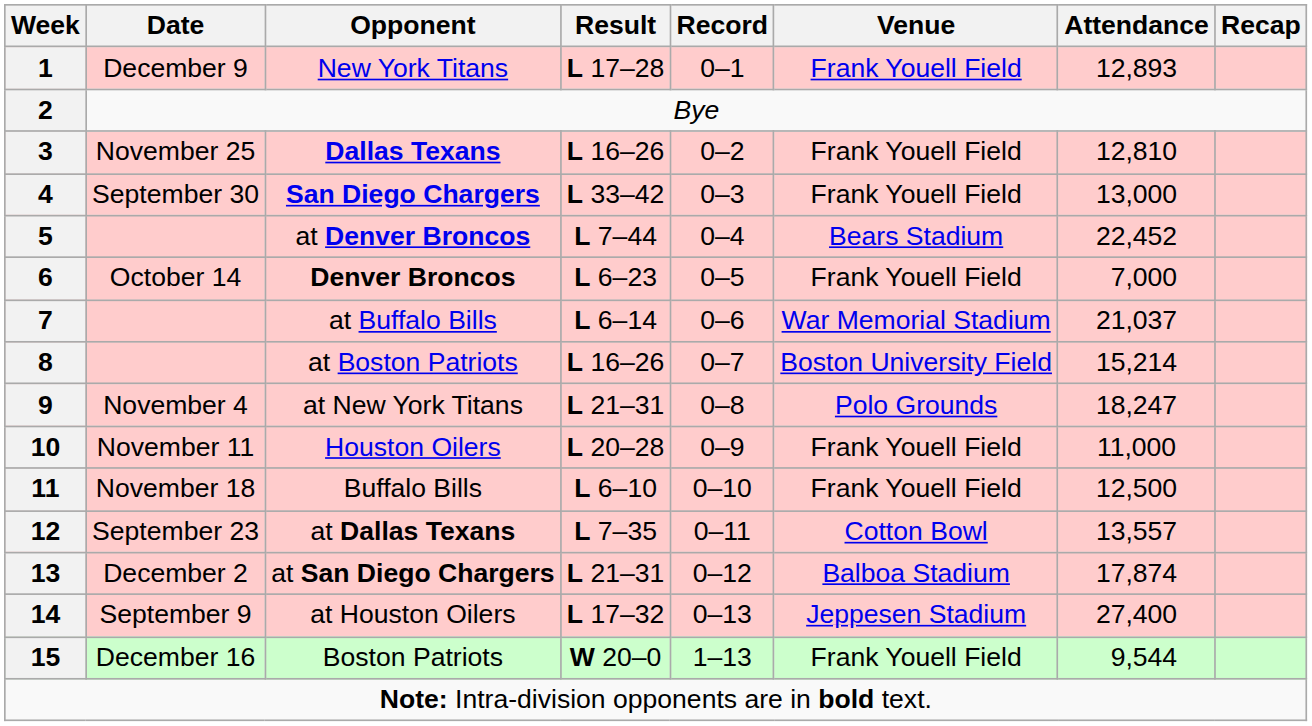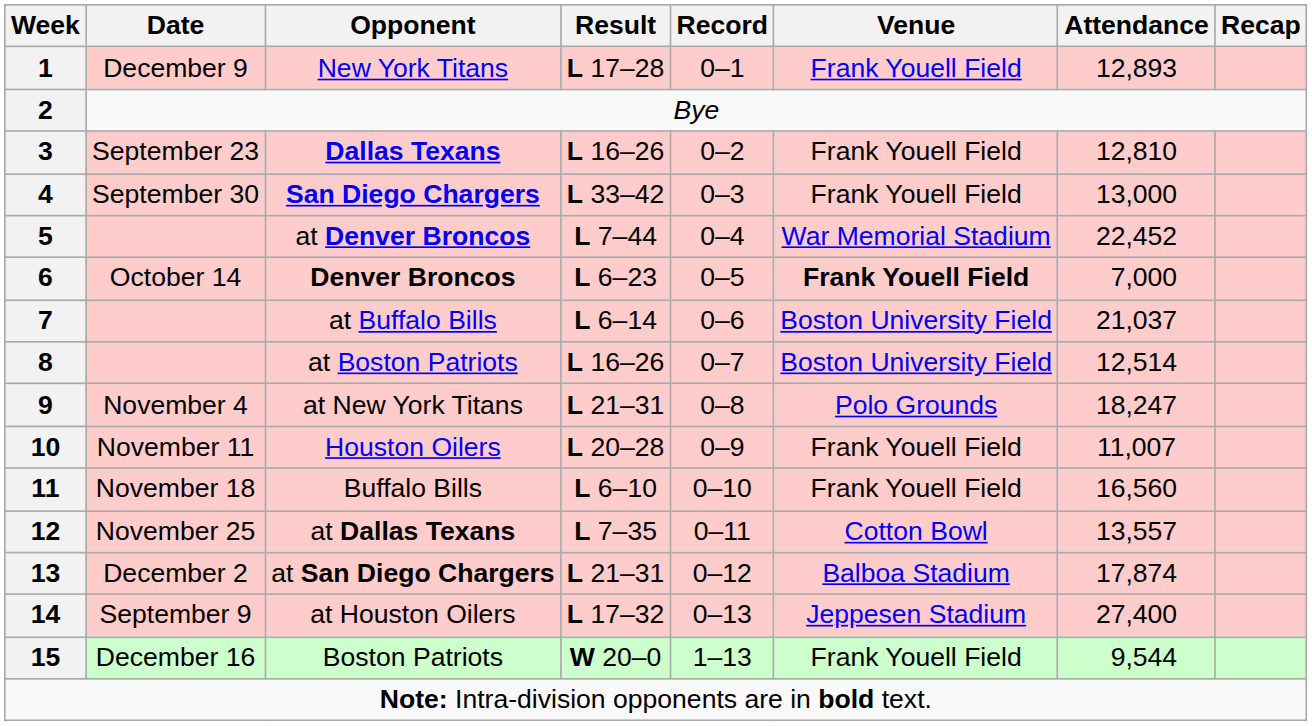 <table class="wikitable" style="text-align:center">
 <tr>
 <th>Week</th>
 <th>Date</th>
 <th>Opponent</th>
 <th>Result</th>
 <th>Record</th>
 <th>Venue</th>
 <th>Attendance</th>
 <th>Recap</th>
 </tr>
 <tr style="background: #fcc;">
 <th>1</th>
 <td>December 9</td>
 <td><a href='#'>New York Titans</a></td>
 <td><strong>L</strong> 17–28</td>
 <td>0–1</td>
 <td><a href='#'>Frank Youell Field</a></td>
 <td>12,893</td>
 <td></td>
 </tr>
 <tr>
 <th>2</th>
 <td align=center colspan=7><em>Bye</em></td>
 </tr>
 <tr style="background: #fcc;">
 <th>3</th>
-<td>November 25</td>
+<td>September 23</td>
 <td><strong><a href='#'>Dallas Texans</a></strong></td>
 <td><strong>L</strong> 16–26</td>
 <td>0–2</td>
 <td>Frank Youell Field</td>
 <td>12,810</td>
 <td></td>
 </tr>
 <tr style="background: #fcc;">
 <th>4</th>
 <td>September 30</td>
 <td><strong><a href='#'>San Diego Chargers</a></strong></td>
 <td><strong>L</strong> 33–42</td>
 <td>0–3</td>
 <td>Frank Youell Field</td>
 <td>13,000</td>
 <td></td>
 </tr>
 <tr style="background: #fcc;">
 <th>5</th>
 <td></td>
 <td>at <strong><a href='#'>Denver Broncos</a></strong></td>
 <td><strong>L</strong> 7–44</td>
 <td>0–4</td>
-<td><a href='#'>Bears Stadium</a></td>
+<td><a href='#'>War Memorial Stadium</a></td>
 <td>22,452</td>
 <td></td>
 </tr>
 <tr style="background: #fcc;">
 <th>6</th>
 <td>October 14</td>
 <td><strong>Denver Broncos</strong></td>
 <td><strong>L</strong> 6–23</td>
 <td>0–5</td>
-<td>Frank Youell Field</td>
+<td><strong>Frank Youell Field</strong></td>
 <td>  7,000</td>
 <td></td>
 </tr>
 <tr style="background: #fcc;">
 <th>7</th>
 <td></td>
 <td>at <a href='#'>Buffalo Bills</a></td>
 <td><strong>L</strong> 6–14</td>
 <td>0–6</td>
-<td><a href='#'>War Memorial Stadium</a></td>
+<td><a href='#'>Boston University Field</a></td>
 <td>21,037</td>
 <td></td>
 </tr>
 <tr style="background: #fcc;">
 <th>8</th>
 <td></td>
 <td>at <a href='#'>Boston Patriots</a></td>
 <td><strong>L</strong> 16–26</td>
 <td>0–7</td>
 <td><a href='#'>Boston University Field</a></td>
-<td>15,214</td>
+<td>12,514</td>
 <td></td>
 </tr>
 <tr style="background: #fcc;">
 <th>9</th>
 <td>November 4</td>
 <td>at New York Titans</td>
 <td><strong>L</strong> 21–31</td>
 <td>0–8</td>
 <td><a href='#'>Polo Grounds</a></td>
 <td>18,247</td>
 <td></td>
 </tr>
 <tr style="background: #fcc;">
 <th>10</th>
 <td>November 11</td>
 <td><a href='#'>Houston Oilers</a></td>
 <td><strong>L</strong> 20–28</td>
 <td>0–9</td>
 <td>Frank Youell Field</td>
-<td>11,000</td>
+<td>11,007</td>
 <td></td>
 </tr>
 <tr style="background: #fcc;">
 <th>11</th>
 <td>November 18</td>
 <td>Buffalo Bills</td>
 <td><strong>L</strong> 6–10</td>
 <td>0–10</td>
 <td>Frank Youell Field</td>
-<td>12,500</td>
+<td>16,560</td>
 <td></td>
 </tr>
 <tr style="background: #fcc;">
 <th>12</th>
-<td>September 23</td>
+<td>November 25</td>
 <td>at <strong>Dallas Texans</strong></td>
 <td><strong>L</strong> 7–35</td>
 <td>0–11</td>
 <td><a href='#'>Cotton Bowl</a></td>
 <td>13,557</td>
 <td></td>
 </tr>
 <tr style="background: #fcc;">
 <th>13</th>
 <td>December 2</td>
 <td>at <strong>San Diego Chargers</strong></td>
 <td><strong>L</strong> 21–31</td>
 <td>0–12</td>
 <td><a href='#'>Balboa Stadium</a></td>
 <td>17,874</td>
 <td></td>
 </tr>
 <tr style="background: #fcc;">
 <th>14</th>
 <td>September 9</td>
 <td>at Houston Oilers</td>
 <td><strong>L</strong> 17–32</td>
 <td>0–13</td>
 <td><a href='#'>Jeppesen Stadium</a></td>
 <td>27,400</td>
 <td></td>
 </tr>
 <tr style="background: #cfc;">
 <th>15</th>
 <td>December 16</td>
 <td>Boston Patriots</td>
 <td><strong>W</strong> 20–0</td>
 <td>1–13</td>
 <td>Frank Youell Field</td>
 <td>  9,544</td>
 <td></td>
 </tr>
 <tr>
 <td colspan="8"><strong>Note:</strong> Intra-division opponents are in <strong>bold</strong> text.</td>
 </tr>
 </table>
